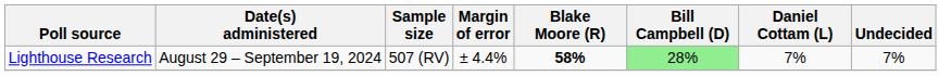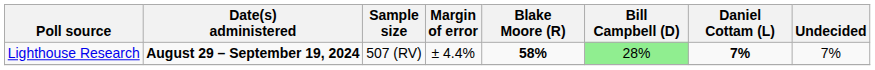 <table class="wikitable" style="font-size:90%;text-align:center;">
 <tr valign=bottom>
 <th>Poll source</th>
 <th>Date(s)<br>administered</th>
 <th>Sample<br>size</th>
 <th>Margin<br>of error</th>
 <th style="width:100px;">Blake<br>Moore (R)</th>
 <th style="width:100px;">Bill<br>Campbell (D)</th>
 <th style="width:100px;">Daniel<br>Cottam (L)</th>
 <th>Undecided</th>
 </tr>
 <tr>
 <td style="text-align:left;"><a href='#'>Lighthouse Research</a></td>
-<td>August 29 – September 19, 2024</td>
+<td><strong>August 29 – September 19, 2024</strong></td>
 <td>507 (RV)</td>
 <td>± 4.4%</td>
 <td><strong>58%</strong></td>
 <td style="background: lightgreen;">28%</td>
-<td>7%</td>
+<td><strong>7%</strong></td>
 <td>7%</td>
 </tr>
 <tr>
 </tr>
 </table>
